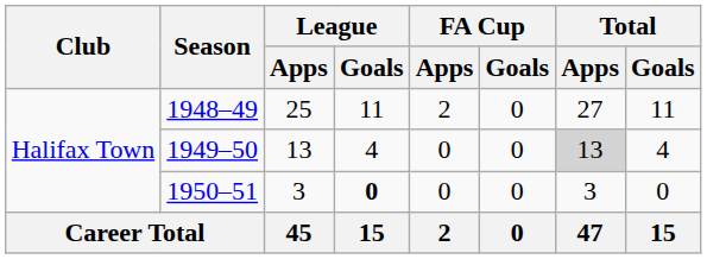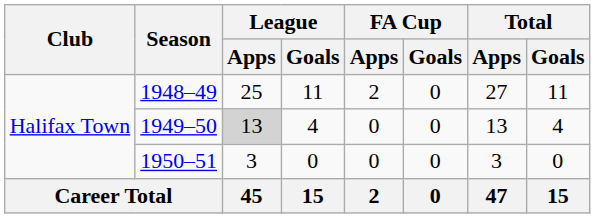 <table class="wikitable" style="text-align: center;">
 <tr>
 <th rowspan="2">Club</th>
 <th rowspan="2">Season</th>
 <th colspan="2">League</th>
 <th colspan="2">FA Cup</th>
 <th colspan="2">Total</th>
 </tr>
 <tr>
 <th>Apps</th>
 <th>Goals</th>
 <th>Apps</th>
 <th>Goals</th>
 <th>Apps</th>
 <th>Goals</th>
 </tr>
 <tr>
 <td rowspan="3"><a href='#'>Halifax Town</a></td>
 <td><a href='#'>1948–49</a></td>
 <td>25</td>
 <td>11</td>
 <td>2</td>
 <td>0</td>
 <td>27</td>
 <td>11</td>
 </tr>
 <tr>
 <td><a href='#'>1949–50</a></td>
-<td>13</td>
+<td style="background: lightgrey;">13</td>
 <td>4</td>
 <td>0</td>
 <td>0</td>
-<td style="background: lightgrey;">13</td>
+<td>13</td>
 <td>4</td>
 </tr>
 <tr>
 <td><a href='#'>1950–51</a></td>
 <td>3</td>
-<td><strong>0</strong></td>
+<td>0</td>
 <td>0</td>
 <td>0</td>
 <td>3</td>
 <td>0</td>
 </tr>
 <tr>
 <th colspan="2">Career Total</th>
 <th>45</th>
 <th>15</th>
 <th>2</th>
 <th>0</th>
 <th>47</th>
 <th>15</th>
 </tr>
 </table>
